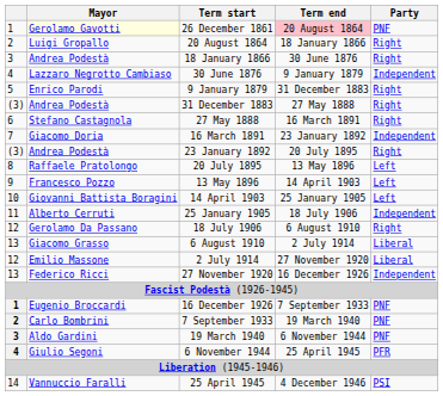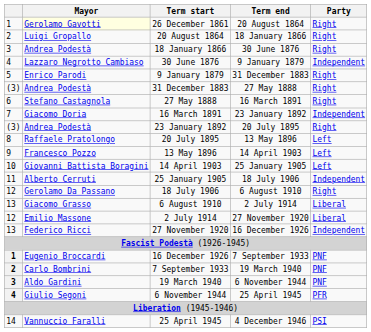 <table class="wikitable">
 <tr>
 <th class=unsortable> </th>
 <th>Mayor</th>
 <th>Term start</th>
 <th>Term end</th>
 <th>Party</th>
 </tr>
 <tr>
 <td bgcolor=>1</td>
 <td style="background: lightyellow;"><a href='#'>Gerolamo Gavotti</a></td>
 <td align=center>26 December 1861</td>
-<td align=center style="background: pink;">20 August 1864</td>
-<td><a href='#'>PNF</a></td>
+<td align=center>20 August 1864</td>
+<td><a href='#'>Right</a></td>
 </tr>
 <tr>
 <td bgcolor=>2</td>
 <td><a href='#'>Luigi Gropallo</a></td>
 <td align=center>20 August 1864</td>
 <td align=center>18 January 1866</td>
 <td><a href='#'>Right</a></td>
 </tr>
 <tr>
 <td bgcolor=>3</td>
 <td><a href='#'>Andrea Podestà</a></td>
 <td align=center>18 January 1866</td>
 <td align=center>30 June 1876</td>
 <td><a href='#'>Right</a></td>
 </tr>
 <tr>
 <td bgcolor=>4</td>
 <td><a href='#'>Lazzaro Negrotto Cambiaso</a></td>
 <td align=center>30 June 1876</td>
 <td align=center>9 January 1879</td>
 <td><a href='#'>Independent</a></td>
 </tr>
 <tr>
 <td bgcolor=>5</td>
 <td><a href='#'>Enrico Parodi</a></td>
 <td align=center>9 January 1879</td>
 <td align=center>31 December 1883</td>
 <td><a href='#'>Right</a></td>
 </tr>
 <tr>
 <td bgcolor=>(3)</td>
 <td><a href='#'>Andrea Podestà</a></td>
 <td align=center>31 December 1883</td>
 <td align=center>27 May 1888</td>
 <td><a href='#'>Right</a></td>
 </tr>
 <tr>
 <td bgcolor=>6</td>
 <td><a href='#'>Stefano Castagnola</a></td>
 <td align=center>27 May 1888</td>
 <td align=center>16 March 1891</td>
 <td><a href='#'>Right</a></td>
 </tr>
 <tr>
 <td bgcolor=>7</td>
 <td><a href='#'>Giacomo Doria</a></td>
 <td align=center>16 March 1891</td>
 <td align=center>23 January 1892</td>
 <td><a href='#'>Independent</a></td>
 </tr>
 <tr>
 <td bgcolor=>(3)</td>
 <td><a href='#'>Andrea Podestà</a></td>
 <td align=center>23 January 1892</td>
 <td align=center>20 July 1895</td>
 <td><a href='#'>Right</a></td>
 </tr>
 <tr>
 <td bgcolor=>8</td>
 <td><a href='#'>Raffaele Pratolongo</a></td>
 <td align=center>20 July 1895</td>
 <td align=center>13 May 1896</td>
 <td><a href='#'>Left</a></td>
 </tr>
 <tr>
 <td bgcolor=>9</td>
 <td><a href='#'>Francesco Pozzo</a></td>
 <td align=center>13 May 1896</td>
 <td align=center>14 April 1903</td>
 <td><a href='#'>Left</a></td>
 </tr>
 <tr>
 <td bgcolor=>10</td>
 <td><a href='#'>Giovanni Battista Boragini</a></td>
 <td align=center>14 April 1903</td>
 <td align=center>25 January 1905</td>
 <td><a href='#'>Left</a></td>
 </tr>
 <tr>
 <td bgcolor=>11</td>
 <td><a href='#'>Alberto Cerruti</a></td>
 <td align=center>25 January 1905</td>
 <td align=center>18 July 1906</td>
 <td><a href='#'>Independent</a></td>
 </tr>
 <tr>
 <td bgcolor=>12</td>
 <td><a href='#'>Gerolamo Da Passano</a></td>
 <td align=center>18 July 1906</td>
 <td align=center>6 August 1910</td>
 <td><a href='#'>Right</a></td>
 </tr>
 <tr>
 <td bgcolor=>13</td>
 <td><a href='#'>Giacomo Grasso</a></td>
 <td align=center>6 August 1910</td>
 <td align=center>2 July 1914</td>
 <td><a href='#'>Liberal</a></td>
 </tr>
 <tr>
 <td bgcolor=>12</td>
 <td><a href='#'>Emilio Massone</a></td>
 <td align=center>2 July 1914</td>
 <td align=center>27 November 1920</td>
 <td><a href='#'>Liberal</a></td>
 </tr>
 <tr>
 <td bgcolor=>13</td>
 <td><a href='#'>Federico Ricci</a></td>
 <td align=center>27 November 1920</td>
 <td align=center>16 December 1926</td>
 <td><a href='#'>Independent</a></td>
 </tr>
 <tr>
 <td colspan="8" bgcolor="lightgrey" align=center><strong><a href='#'>Fascist Podestà</a></strong> (1926-1945)</td>
 </tr>
 <tr>
 <th rowspan=1 style="background:">1</th>
 <td><a href='#'>Eugenio Broccardi</a></td>
 <td align=center>16 December 1926</td>
 <td align=center>7 September 1933</td>
 <td><a href='#'>PNF</a></td>
 </tr>
 <tr>
 <th rowspan=1 style="background:">2</th>
 <td><a href='#'>Carlo Bombrini</a></td>
 <td align=center>7 September 1933</td>
 <td align=center>19 March 1940</td>
 <td><a href='#'>PNF</a></td>
 </tr>
 <tr>
 <th rowspan=1 style="background:">3</th>
 <td><a href='#'>Aldo Gardini</a></td>
 <td align=center>19 March 1940</td>
 <td align=center>6 November 1944</td>
 <td><a href='#'>PNF</a></td>
 </tr>
 <tr>
 <th rowspan=1 style="background:">4</th>
 <td><a href='#'>Giulio Segoni</a></td>
 <td align=center>6 November 1944</td>
 <td align=center>25 April 1945</td>
 <td><a href='#'>PFR</a></td>
 </tr>
 <tr>
 <td colspan="8" bgcolor="lightgrey" align=center><strong><a href='#'>Liberation</a></strong> (1945-1946)</td>
 </tr>
 <tr>
 <td bgcolor=>14</td>
 <td><a href='#'>Vannuccio Faralli</a></td>
 <td align=center>25 April 1945</td>
 <td align=center>4 December 1946</td>
 <td><a href='#'>PSI</a></td>
 </tr>
 </table>
